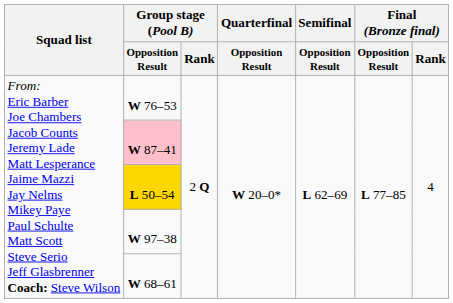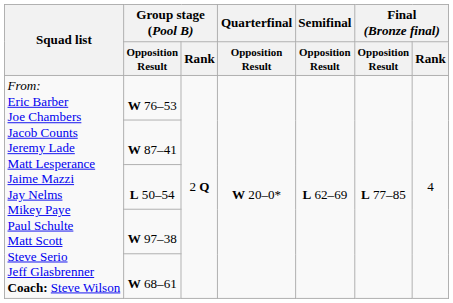 <table class=wikitable style="font-size:90%">
 <tr>
 <th rowspan="2">Squad list</th>
 <th colspan="2">Group stage<br>(<em>Pool B)</em></th>
 <th>Quarterfinal</th>
 <th>Semifinal<br></th>
 <th colspan="2">Final<br><em>(Bronze final)</em></th>
 </tr>
 <tr>
 <th style="line-height:1em"><small>Opposition<br>Result</small></th>
 <th>Rank</th>
 <th style="line-height:1em"><small>Opposition<br>Result</small></th>
 <th style="line-height:1em"><small>Opposition<br>Result</small></th>
 <th style="line-height:1em"><small>Opposition<br>Result</small></th>
 <th>Rank</th>
 </tr>
 <tr>
 <td rowspan="5"><em>From:</em><br><a href='#'>Eric Barber</a> <br><a href='#'>Joe Chambers</a> <br><a href='#'>Jacob Counts</a> <br><a href='#'>Jeremy Lade</a> <br><a href='#'>Matt Lesperance</a> <br><a href='#'>Jaime Mazzi</a> <br><a href='#'>Jay Nelms</a> <br><a href='#'>Mikey Paye</a> <br><a href='#'>Paul Schulte</a> <br><a href='#'>Matt Scott</a> <br><a href='#'>Steve Serio</a> <br><a href='#'>Jeff Glasbrenner</a> <br><strong>Coach:</strong> <a href='#'>Steve Wilson</a></td>
 <td align="center"><br> <strong>W</strong> 76–53</td>
 <td rowspan="5" align="center">2 <strong>Q</strong></td>
 <td rowspan="5" align="center"><br> <strong>W</strong> 20–0*</td>
 <td rowspan="5" align="center"><br> <strong>L</strong> 62–69</td>
 <td rowspan="5" align="center"><br> <strong>L</strong> 77–85</td>
 <td rowspan="5" align="center">4</td>
 </tr>
 <tr>
-<td align="center" style="background: pink;"><br> <strong>W</strong> 87–41</td>
+<td align="center"><br> <strong>W</strong> 87–41</td>
 </tr>
 <tr>
-<td align="center" style="background: gold;"><br> <strong>L</strong> 50–54</td>
+<td align="center"><br> <strong>L</strong> 50–54</td>
 </tr>
 <tr>
 <td align="center"><br> <strong>W</strong> 97–38</td>
 </tr>
 <tr>
 <td align="center"><br> <strong>W</strong> 68–61</td>
 </tr>
 </table>
